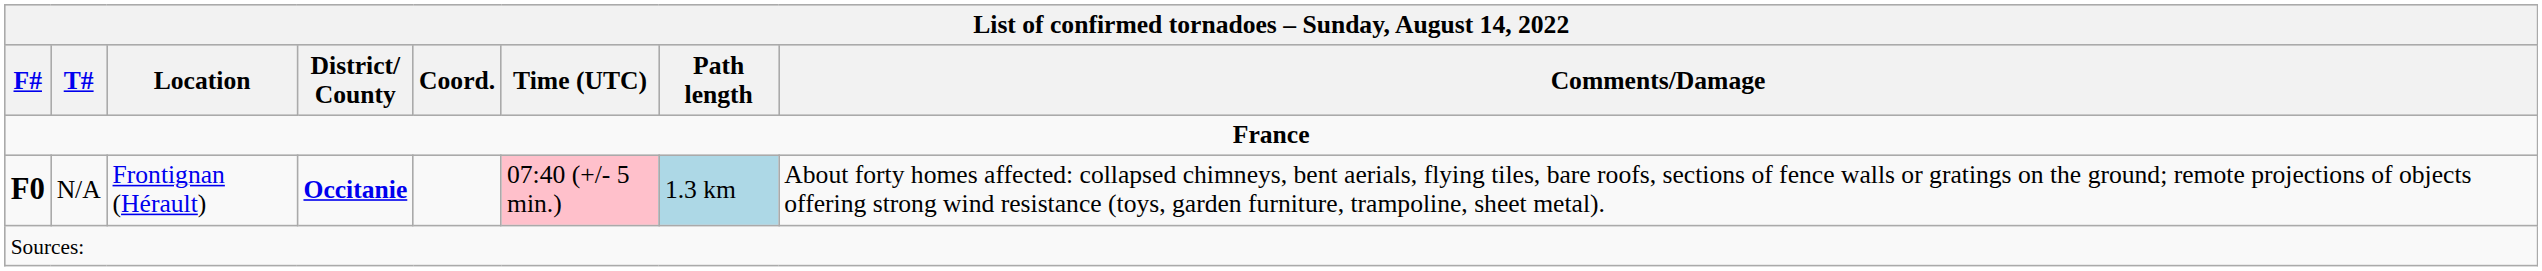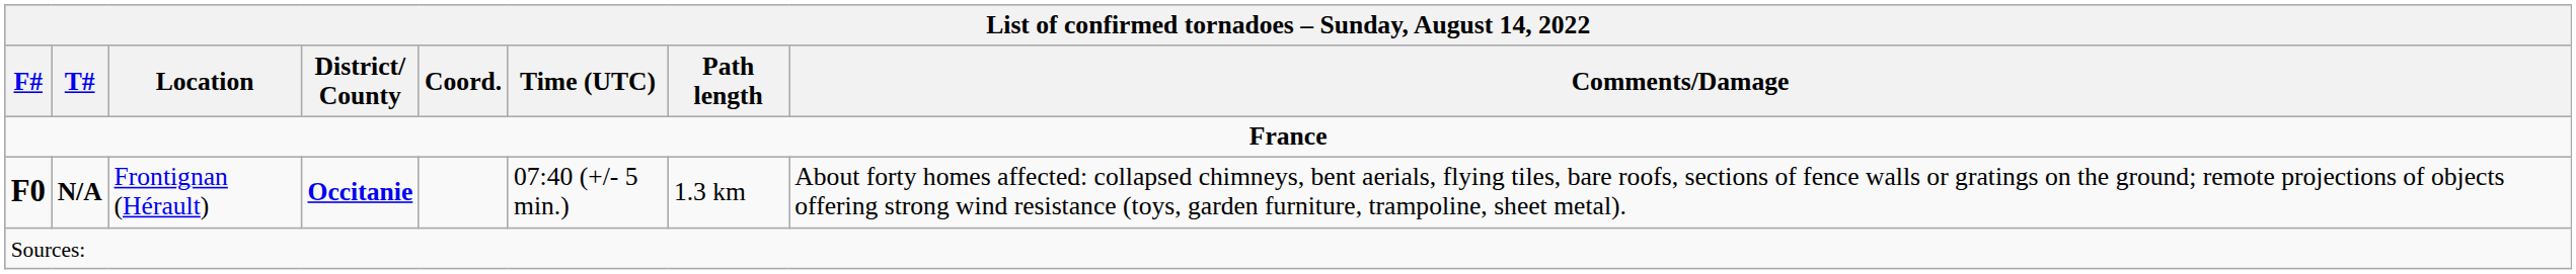 <table class="wikitable collapsible" width="100%">
 <tr>
 <th colspan="8">List of confirmed tornadoes – Sunday, August 14, 2022</th>
 </tr>
 <tr>
 <th><a href='#'>F#</a></th>
 <th><a href='#'>T#</a></th>
 <th>Location</th>
 <th>District/<br>County</th>
 <th>Coord.</th>
 <th>Time (UTC)</th>
 <th>Path length</th>
 <th>Comments/Damage</th>
 </tr>
 <tr>
 <td colspan="8" align=center><strong>France</strong></td>
 </tr>
 <tr>
 <td><big><strong>F0</strong></big></td>
-<td>N/A</td>
+<td><strong>N/A</strong></td>
 <td><a href='#'>Frontignan</a> (<a href='#'>Hérault</a>)</td>
 <td><strong><a href='#'>Occitanie</a></strong></td>
 <td></td>
-<td style="background: pink;">07:40 (+/- 5 min.)</td>
-<td style="background: lightblue;">1.3 km</td>
+<td>07:40 (+/- 5 min.)</td>
+<td>1.3 km</td>
 <td>About forty homes affected: collapsed chimneys, bent aerials, flying tiles, bare roofs, sections of fence walls or gratings on the ground; remote projections of objects offering strong wind resistance (toys, garden furniture, trampoline, sheet metal).</td>
 </tr>
 <tr>
 <td colspan="8"><small>Sources:  </small></td>
 </tr>
 </table>
